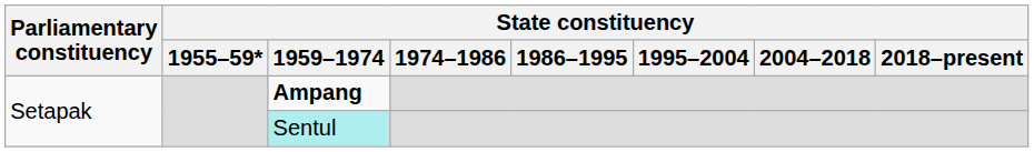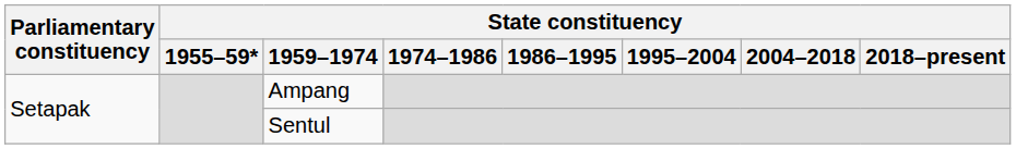 <table class="wikitable">
 <tr>
 <th rowspan="2">Parliamentary<br>constituency</th>
 <th colspan="7">State constituency</th>
 </tr>
 <tr>
 <th>1955–59*</th>
 <th>1959–1974</th>
 <th>1974–1986</th>
 <th>1986–1995</th>
 <th>1995–2004</th>
 <th>2004–2018</th>
 <th>2018–present</th>
 </tr>
 <tr>
 <td rowspan="2">Setapak</td>
 <td rowspan="2" bgcolor="dcdcdc"></td>
-<td><strong>Ampang</strong></td>
+<td>Ampang</td>
 <td colspan="5" bgcolor="dcdcdc"></td>
 </tr>
 <tr>
-<td style="background: paleturquoise;">Sentul</td>
+<td>Sentul</td>
 <td colspan="5" bgcolor="dcdcdc"></td>
 </tr>
 </table>
